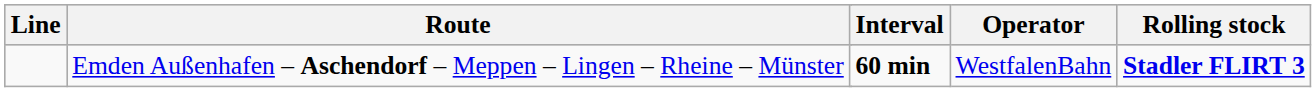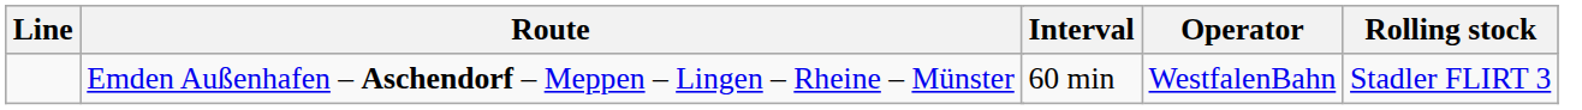 <table class="wikitable">
 <tr>
 <th>Line</th>
 <th colspan="3">Route</th>
 <th>Interval</th>
 <th>Operator</th>
 <th>Rolling stock</th>
 </tr>
 <tr>
 <td></td>
 <td colspan="3"><a href='#'>Emden Außenhafen</a> – <strong>Aschendorf</strong> – <a href='#'>Meppen</a> – <a href='#'>Lingen</a> – <a href='#'>Rheine</a> – <a href='#'>Münster</a></td>
-<td><strong>60 min</strong></td>
+<td>60 min</td>
 <td><a href='#'>WestfalenBahn</a></td>
-<td><strong><a href='#'>Stadler FLIRT 3</a></strong></td>
+<td><a href='#'>Stadler FLIRT 3</a></td>
 </tr>
 </table>
